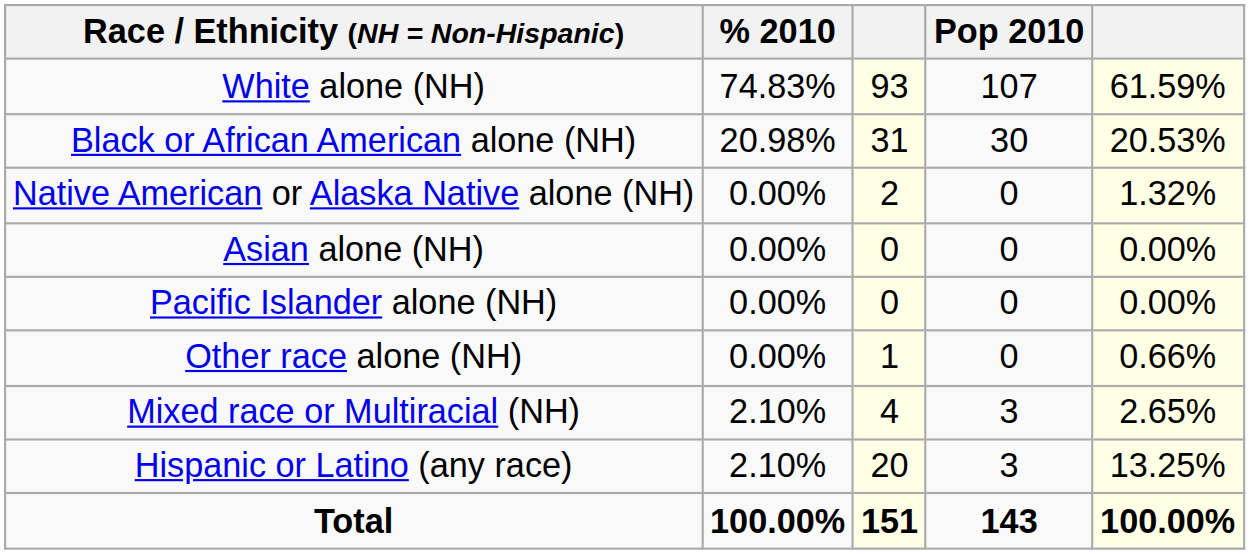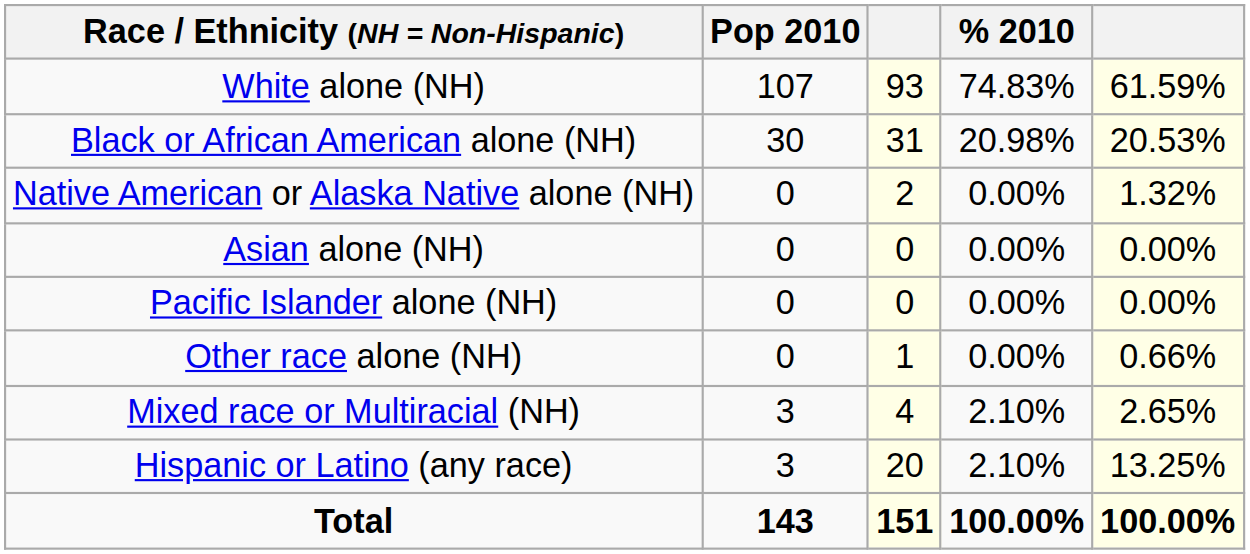 <table class="wikitable" style="text-align:center;">
 <tr>
 <th>Race / Ethnicity <small>(<em>NH = Non-Hispanic</em>)</small></th>
+<th>Pop 2010</th>
+<th></th>
 <th>% 2010</th>
-<th></th>
-<th>Pop 2010</th>
 <th></th>
 </tr>
 <tr>
 <td><a href='#'>White</a> alone (NH)</td>
+<td>107</td>
+<td style='background: #ffffe6;'>93</td>
 <td>74.83%</td>
-<td style='background: #ffffe6;'>93</td>
-<td>107</td>
 <td style='background: #ffffe6;'>61.59%</td>
 </tr>
 <tr>
 <td><a href='#'>Black or African American</a> alone (NH)</td>
+<td>30</td>
+<td style='background: #ffffe6;'>31</td>
 <td>20.98%</td>
-<td style='background: #ffffe6;'>31</td>
-<td>30</td>
 <td style='background: #ffffe6;'>20.53%</td>
 </tr>
 <tr>
 <td><a href='#'>Native American</a> or <a href='#'>Alaska Native</a> alone (NH)</td>
+<td>0</td>
+<td style='background: #ffffe6;'>2</td>
 <td>0.00%</td>
-<td style='background: #ffffe6;'>2</td>
-<td>0</td>
 <td style='background: #ffffe6;'>1.32%</td>
 </tr>
 <tr>
 <td><a href='#'>Asian</a> alone (NH)</td>
+<td>0</td>
+<td style='background: #ffffe6;'>0</td>
 <td>0.00%</td>
-<td style='background: #ffffe6;'>0</td>
-<td>0</td>
 <td style='background: #ffffe6;'>0.00%</td>
 </tr>
 <tr>
 <td><a href='#'>Pacific Islander</a> alone (NH)</td>
+<td>0</td>
+<td style='background: #ffffe6;'>0</td>
 <td>0.00%</td>
-<td style='background: #ffffe6;'>0</td>
-<td>0</td>
 <td style='background: #ffffe6;'>0.00%</td>
 </tr>
 <tr>
 <td><a href='#'>Other race</a> alone (NH)</td>
+<td>0</td>
+<td style='background: #ffffe6;'>1</td>
 <td>0.00%</td>
-<td style='background: #ffffe6;'>1</td>
-<td>0</td>
 <td style='background: #ffffe6;'>0.66%</td>
 </tr>
 <tr>
 <td><a href='#'>Mixed race or Multiracial</a> (NH)</td>
+<td>3</td>
+<td style='background: #ffffe6;'>4</td>
 <td>2.10%</td>
-<td style='background: #ffffe6;'>4</td>
-<td>3</td>
 <td style='background: #ffffe6;'>2.65%</td>
 </tr>
 <tr>
 <td><a href='#'>Hispanic or Latino</a> (any race)</td>
+<td>3</td>
+<td style='background: #ffffe6;'>20</td>
 <td>2.10%</td>
-<td style='background: #ffffe6;'>20</td>
-<td>3</td>
 <td style='background: #ffffe6;'>13.25%</td>
 </tr>
 <tr>
 <td><strong>Total</strong></td>
+<td><strong>143</strong></td>
+<td style='background: #ffffe6;'><strong>151</strong></td>
 <td><strong>100.00%</strong></td>
-<td style='background: #ffffe6;'><strong>151</strong></td>
-<td><strong>143</strong></td>
 <td style='background: #ffffe6;'><strong>100.00%</strong></td>
 </tr>
 </table>
